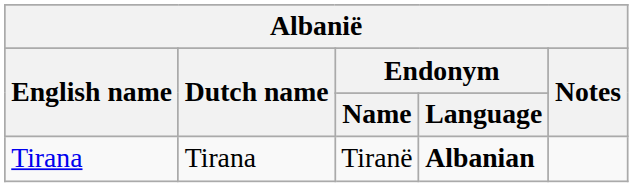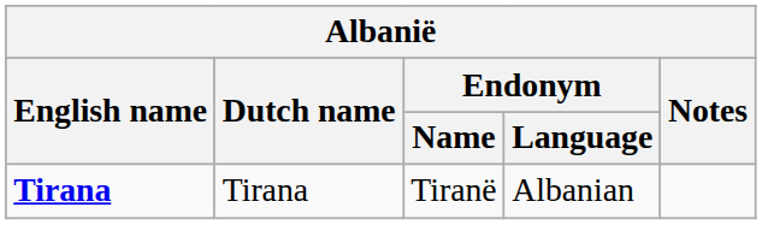 <table class="wikitable sortable">
 <tr>
 <th colspan="5"> Albanië</th>
 </tr>
 <tr>
 <th rowspan="2">English name</th>
 <th rowspan="2">Dutch name</th>
 <th colspan="2">Endonym</th>
 <th rowspan="2">Notes</th>
 </tr>
 <tr>
 <th>Name</th>
 <th>Language</th>
 </tr>
 <tr>
-<td><a href='#'>Tirana</a></td>
+<td><strong><a href='#'>Tirana</a></strong></td>
 <td>Tirana</td>
 <td>Tiranë</td>
-<td><strong>Albanian</strong></td>
+<td>Albanian</td>
 <td></td>
 </tr>
 </table>
